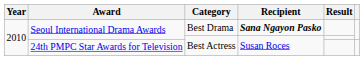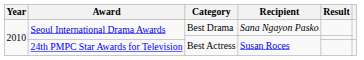 <table class="wikitable">
 <tr>
 <th>Year</th>
 <th>Award</th>
 <th>Category</th>
 <th>Recipient</th>
 <th>Result</th>
 <th></th>
 </tr>
 <tr>
 <td rowspan=3>2010</td>
 <td rowspan=2><a href='#'>Seoul International Drama Awards</a></td>
 <td>Best Drama</td>
-<td><strong><em>Sana Ngayon Pasko</em></strong></td>
+<td><em>Sana Ngayon Pasko</em></td>
 <td></td>
 <td rowspan=2></td>
 </tr>
 <tr>
 <td rowspan=2>Best Actress</td>
 <td rowspan=2><a href='#'>Susan Roces</a></td>
 <td></td>
 </tr>
 <tr>
 <td><a href='#'>24th PMPC Star Awards for Television</a></td>
 <td></td>
 <td></td>
 </tr>
 </table>
